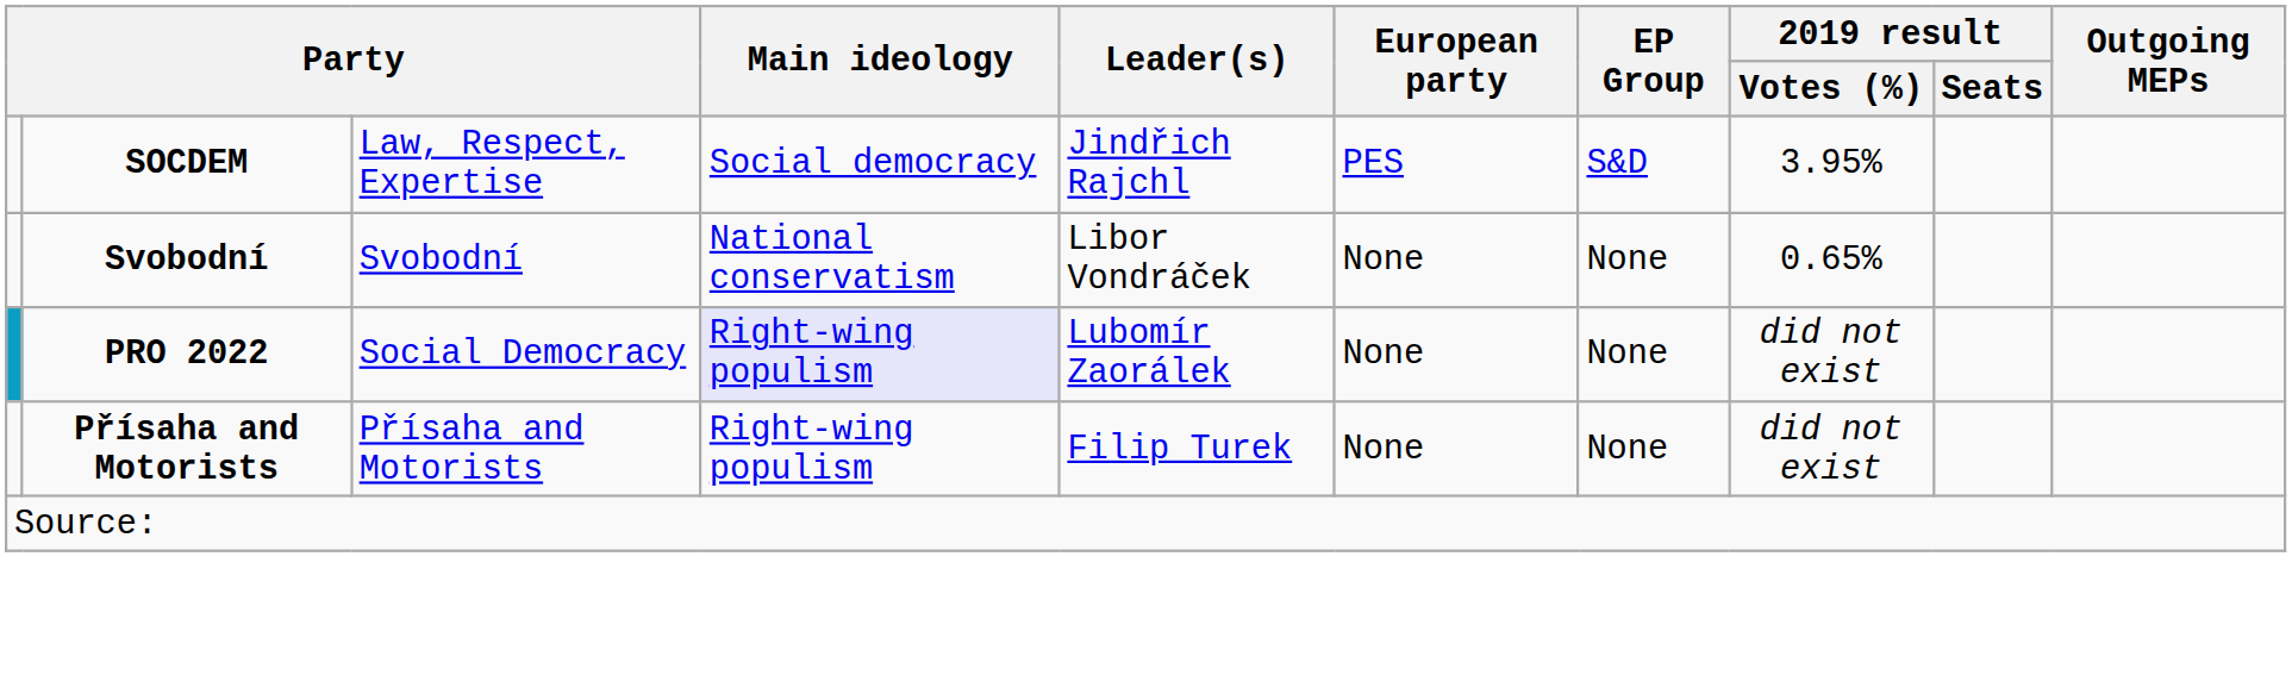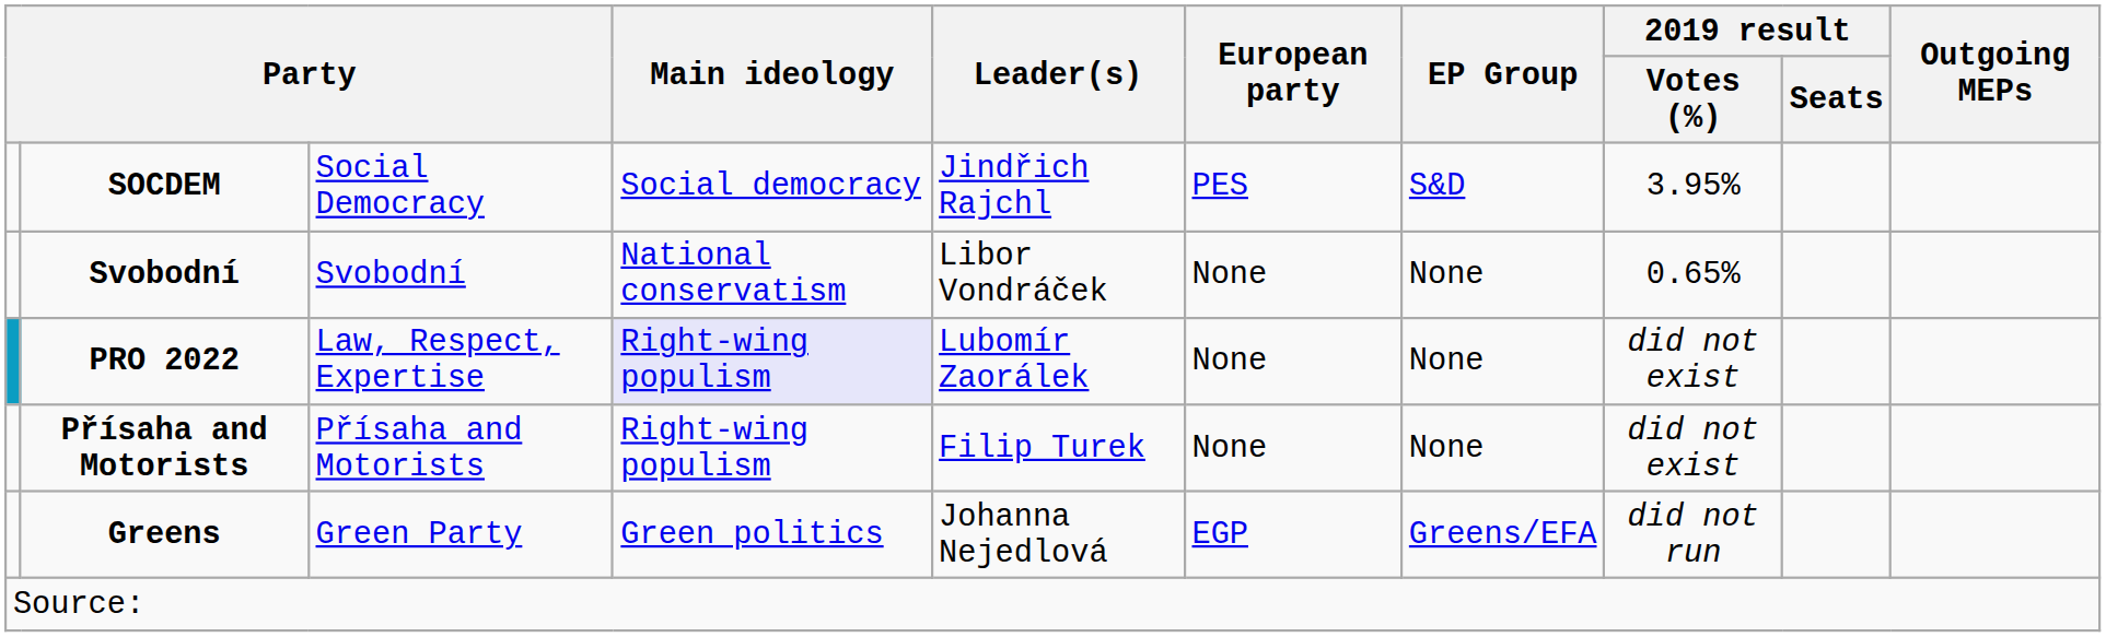 <table class="wikitable" style="text-align:left">
 <tr>
 <th colspan="3" rowspan="2">Party</th>
 <th rowspan="2">Main ideology</th>
 <th rowspan="2">Leader(s)</th>
 <th rowspan="2">European party</th>
 <th rowspan="2">EP Group</th>
 <th colspan="2">2019 result</th>
 <th rowspan="2">Outgoing MEPs</th>
 </tr>
 <tr>
 <th>Votes (%)</th>
 <th>Seats</th>
 </tr>
 <tr>
 <td style="color:inherit;background:"></td>
 <td style="text-align:center;"><strong>SOCDEM</strong></td>
-<td><a href='#'>Law, Respect, Expertise</a></td>
+<td><a href='#'>Social Democracy</a><br></td>
 <td><a href='#'>Social democracy</a></td>
 <td><a href='#'>Jindřich Rajchl</a></td>
 <td><a href='#'>PES</a></td>
 <td><a href='#'>S&D</a></td>
 <td style="text-align:center;">3.95%</td>
 <td></td>
 <td></td>
 </tr>
 <tr>
 <td style="color:inherit;background:"></td>
 <td style="text-align:center;"><strong>Svobodní</strong></td>
 <td><a href='#'>Svobodní</a></td>
 <td><a href='#'>National conservatism</a></td>
 <td>Libor Vondráček</td>
 <td>None</td>
 <td>None</td>
 <td style="text-align:center;">0.65%</td>
 <td></td>
 <td></td>
 </tr>
 <tr>
 <td style="color:inherit;background:#0B9DC2"></td>
 <td style="text-align:center;"><strong>PRO 2022</strong></td>
-<td><a href='#'>Social Democracy</a><br></td>
+<td><a href='#'>Law, Respect, Expertise</a></td>
 <td style="background: lavender;"><a href='#'>Right-wing populism</a></td>
 <td><a href='#'>Lubomír Zaorálek</a></td>
 <td>None</td>
 <td>None</td>
 <td style="text-align:center;"><em>did not exist</em></td>
 <td></td>
 <td></td>
 </tr>
 <tr>
 <td style="color:inherit;background:"></td>
 <td style="text-align:center;"><strong>Přísaha and Motorists</strong></td>
 <td><a href='#'>Přísaha and Motorists</a></td>
 <td><a href='#'>Right-wing populism</a></td>
 <td><a href='#'>Filip Turek</a></td>
 <td>None</td>
 <td>None</td>
 <td style="text-align:center;"><em>did not exist</em></td>
 <td></td>
 <td></td>
 </tr>
 <tr>
+<td style="color:inherit;background:"></td>
+<td style="text-align:center;"><strong>Greens</strong></td>
+<td><a href='#'>Green Party</a><br></td>
+<td><a href='#'>Green politics</a></td>
+<td>Johanna Nejedlová</td>
+<td><a href='#'>EGP</a></td>
+<td><a href='#'>Greens/EFA</a></td>
+<td style="text-align:center;"><em>did not run</em> </td>
+<td></td>
+<td></td>
+</tr>
+<tr>
 <td colspan="10">Source:</td>
 </tr>
 </table>
